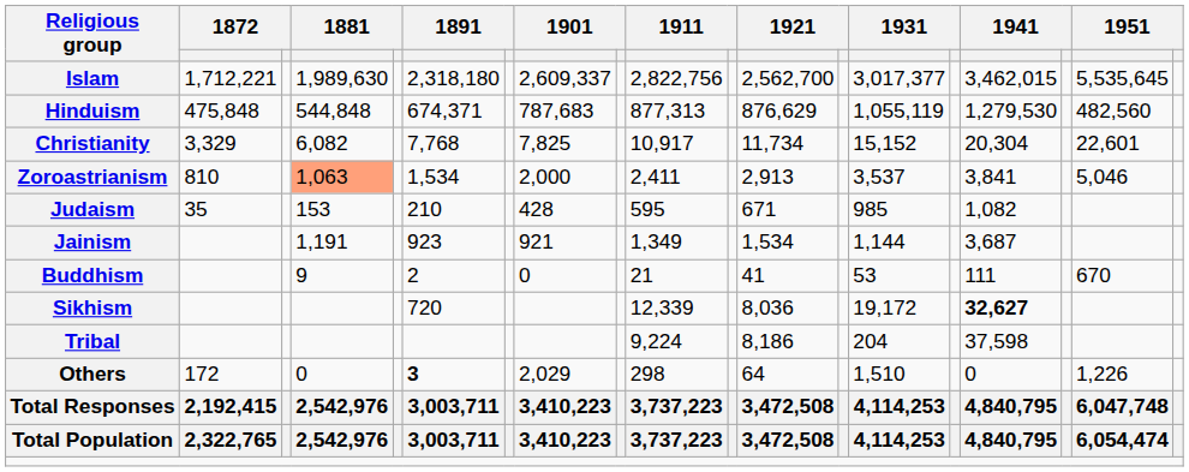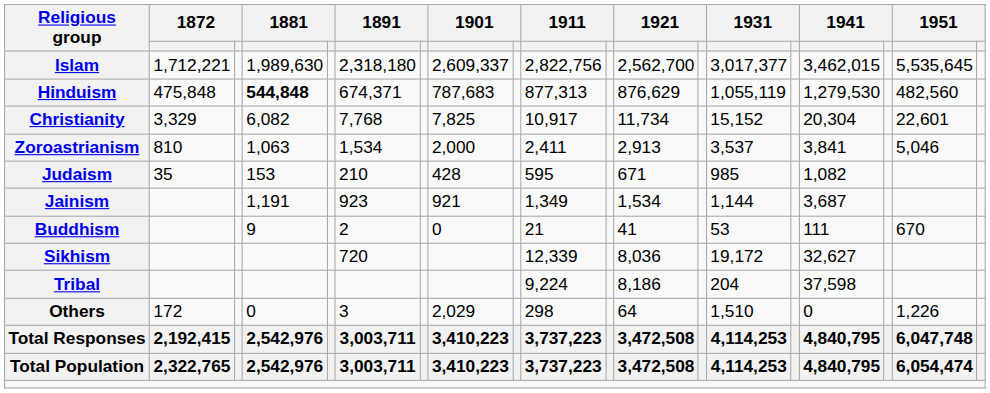 <table class="wikitable sortable">
 <tr>
 <th rowspan="2"><a href='#'>Religious</a><br>group</th>
 <th colspan="2">1872</th>
 <th colspan="2">1881</th>
 <th colspan="2">1891</th>
 <th colspan="2">1901</th>
 <th colspan="2">1911</th>
 <th colspan="2">1921</th>
 <th colspan="2">1931</th>
 <th colspan="2">1941</th>
 <th colspan="2">1951</th>
 </tr>
 <tr>
 <th><a href='#'></a></th>
 <th></th>
 <th></th>
 <th></th>
 <th></th>
 <th></th>
 <th></th>
 <th></th>
 <th></th>
 <th></th>
 <th></th>
 <th></th>
 <th></th>
 <th></th>
 <th></th>
 <th></th>
 <th></th>
 <th></th>
 </tr>
 <tr>
 <th><a href='#'>Islam</a> </th>
 <td>1,712,221</td>
 <td></td>
 <td>1,989,630</td>
 <td></td>
 <td>2,318,180</td>
 <td></td>
 <td>2,609,337</td>
 <td></td>
 <td>2,822,756</td>
 <td></td>
 <td>2,562,700</td>
 <td></td>
 <td>3,017,377</td>
 <td></td>
 <td>3,462,015</td>
 <td></td>
 <td>5,535,645</td>
 <td></td>
 </tr>
 <tr>
 <th><a href='#'>Hinduism</a> </th>
 <td>475,848</td>
 <td></td>
-<td>544,848</td>
+<td><strong>544,848</strong></td>
 <td></td>
 <td>674,371</td>
 <td></td>
 <td>787,683</td>
 <td></td>
 <td>877,313</td>
 <td></td>
 <td>876,629</td>
 <td></td>
 <td>1,055,119</td>
 <td></td>
 <td>1,279,530</td>
 <td></td>
 <td>482,560</td>
 <td></td>
 </tr>
 <tr>
 <th><a href='#'>Christianity</a> </th>
 <td>3,329</td>
 <td></td>
 <td>6,082</td>
 <td></td>
 <td>7,768</td>
 <td></td>
 <td>7,825</td>
 <td></td>
 <td>10,917</td>
 <td></td>
 <td>11,734</td>
 <td></td>
 <td>15,152</td>
 <td></td>
 <td>20,304</td>
 <td></td>
 <td>22,601</td>
 <td></td>
 </tr>
 <tr>
 <th><a href='#'>Zoroastrianism</a> </th>
 <td>810</td>
 <td></td>
-<td style="background: lightsalmon;">1,063</td>
+<td>1,063</td>
 <td></td>
 <td>1,534</td>
 <td></td>
 <td>2,000</td>
 <td></td>
 <td>2,411</td>
 <td></td>
 <td>2,913</td>
 <td></td>
 <td>3,537</td>
 <td></td>
 <td>3,841</td>
 <td></td>
 <td>5,046</td>
 <td></td>
 </tr>
 <tr>
 <th><a href='#'>Judaism</a> </th>
 <td>35</td>
 <td></td>
 <td>153</td>
 <td></td>
 <td>210</td>
 <td></td>
 <td>428</td>
 <td></td>
 <td>595</td>
 <td></td>
 <td>671</td>
 <td></td>
 <td>985</td>
 <td></td>
 <td>1,082</td>
 <td></td>
 <td></td>
 <td></td>
 </tr>
 <tr>
 <th><a href='#'>Jainism</a> </th>
 <td></td>
 <td></td>
 <td>1,191</td>
 <td></td>
 <td>923</td>
 <td></td>
 <td>921</td>
 <td></td>
 <td>1,349</td>
 <td></td>
 <td>1,534</td>
 <td></td>
 <td>1,144</td>
 <td></td>
 <td>3,687</td>
 <td></td>
 <td></td>
 <td></td>
 </tr>
 <tr>
 <th><a href='#'>Buddhism</a> </th>
 <td></td>
 <td></td>
 <td>9</td>
 <td></td>
 <td>2</td>
 <td></td>
 <td>0</td>
 <td></td>
 <td>21</td>
 <td></td>
 <td>41</td>
 <td></td>
 <td>53</td>
 <td></td>
 <td>111</td>
 <td></td>
 <td>670</td>
 <td></td>
 </tr>
 <tr>
 <th><a href='#'>Sikhism</a> </th>
 <td></td>
 <td></td>
 <td></td>
 <td></td>
 <td>720</td>
 <td></td>
 <td></td>
 <td></td>
 <td>12,339</td>
 <td></td>
 <td>8,036</td>
 <td></td>
 <td>19,172</td>
 <td></td>
-<td><strong>32,627</strong></td>
+<td>32,627</td>
 <td></td>
 <td></td>
 <td></td>
 </tr>
 <tr>
 <th><a href='#'>Tribal</a></th>
 <td></td>
 <td></td>
 <td></td>
 <td></td>
 <td></td>
 <td></td>
 <td></td>
 <td></td>
 <td>9,224</td>
 <td></td>
 <td>8,186</td>
 <td></td>
 <td>204</td>
 <td></td>
 <td>37,598</td>
 <td></td>
 <td></td>
 <td></td>
 </tr>
 <tr>
 <th>Others</th>
 <td>172</td>
 <td></td>
 <td>0</td>
 <td></td>
-<td><strong>3</strong></td>
+<td>3</td>
 <td></td>
 <td>2,029</td>
 <td></td>
 <td>298</td>
 <td></td>
 <td>64</td>
 <td></td>
 <td>1,510</td>
 <td></td>
 <td>0</td>
 <td></td>
 <td>1,226</td>
 <td></td>
 </tr>
 <tr class="sortbottom">
 <th>Total Responses</th>
 <th>2,192,415</th>
 <th></th>
 <th>2,542,976</th>
 <th></th>
 <th>3,003,711</th>
 <th></th>
 <th>3,410,223</th>
 <th></th>
 <th>3,737,223</th>
 <th></th>
 <th>3,472,508</th>
 <th></th>
 <th>4,114,253</th>
 <th></th>
 <th>4,840,795</th>
 <th></th>
 <th>6,047,748</th>
 <th></th>
 </tr>
 <tr class="sortbottom">
 <th>Total Population</th>
 <th>2,322,765</th>
 <th></th>
 <th>2,542,976</th>
 <th></th>
 <th>3,003,711</th>
 <th></th>
 <th>3,410,223</th>
 <th></th>
 <th>3,737,223</th>
 <th></th>
 <th>3,472,508</th>
 <th></th>
 <th>4,114,253</th>
 <th></th>
 <th>4,840,795</th>
 <th></th>
 <th>6,054,474</th>
 <th></th>
 </tr>
 <tr class="sortbottom">
 <td colspan="20"></td>
 </tr>
 </table>
